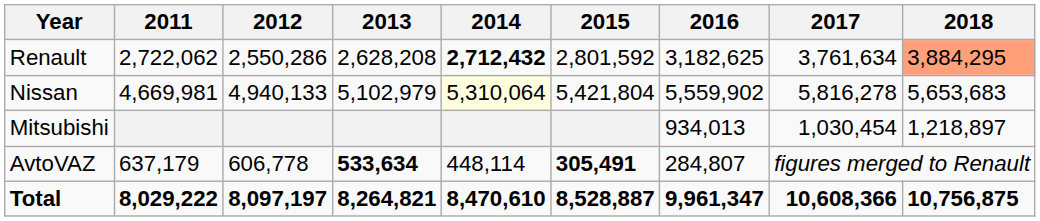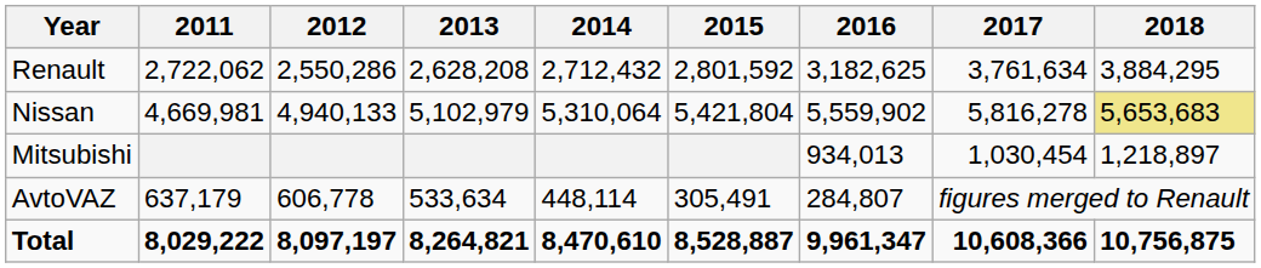 <table class="wikitable">
 <tr>
 <th>Year</th>
 <th>2011</th>
 <th>2012</th>
 <th>2013</th>
 <th>2014</th>
 <th>2015</th>
 <th>2016</th>
 <th>2017</th>
 <th>2018</th>
 </tr>
 <tr>
 <td>Renault</td>
 <td>2,722,062</td>
 <td>2,550,286</td>
 <td>2,628,208</td>
-<td><strong>2,712,432</strong></td>
+<td>2,712,432</td>
 <td>2,801,592</td>
 <td>3,182,625</td>
 <td align="right">3,761,634</td>
-<td style="background: lightsalmon;">3,884,295</td>
+<td>3,884,295</td>
 </tr>
 <tr>
 <td>Nissan</td>
 <td>4,669,981</td>
 <td>4,940,133</td>
 <td>5,102,979</td>
-<td style="background: lightyellow;">5,310,064</td>
+<td>5,310,064</td>
 <td>5,421,804</td>
 <td>5,559,902</td>
 <td align="right">5,816,278</td>
-<td>5,653,683</td>
+<td style="background: khaki;">5,653,683</td>
 </tr>
 <tr>
 <td>Mitsubishi</td>
 <th></th>
 <th></th>
 <th></th>
 <th></th>
 <th></th>
 <td>934,013</td>
 <td align="right">1,030,454</td>
 <td>1,218,897</td>
 </tr>
 <tr>
 <td>AvtoVAZ</td>
 <td>637,179</td>
 <td>606,778</td>
-<td><strong>533,634</strong></td>
+<td>533,634</td>
 <td>448,114</td>
-<td><strong>305,491</strong></td>
+<td>305,491</td>
 <td>284,807</td>
 <td colspan="2"><em>figures merged to Renault</em></td>
 </tr>
 <tr style="font-weight:bold">
 <td>Total</td>
 <td>8,029,222</td>
 <td>8,097,197</td>
 <td>8,264,821</td>
 <td>8,470,610</td>
 <td>8,528,887</td>
 <td>9,961,347</td>
 <td align="right">10,608,366</td>
 <td>10,756,875</td>
 </tr>
 </table>
